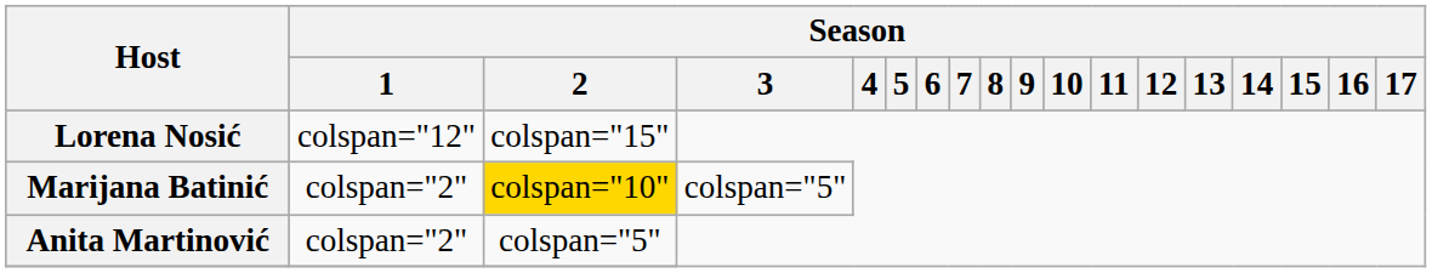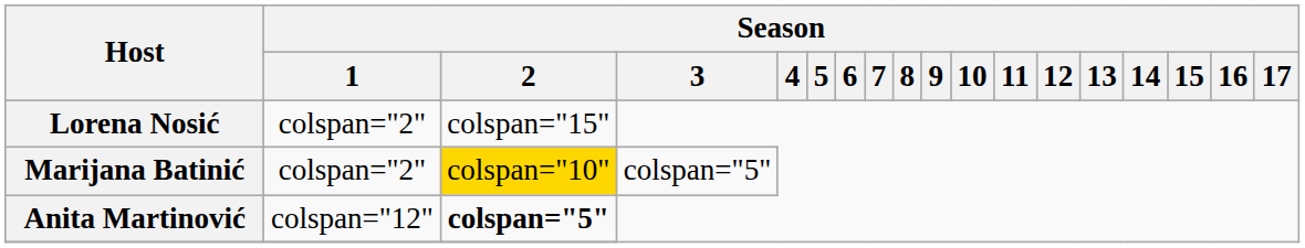 <table class="wikitable plainrowheaders" style="text-align:center">
 <tr>
 <th rowspan="2" style="width:20%;" scope="col">Host</th>
 <th colspan="17">Season</th>
 </tr>
 <tr>
 <th style="width:%;" scope="colspan">1</th>
 <th style="width:%;" scope="colspan">2</th>
 <th style="width:%;" scope="colspan">3</th>
 <th style="width:%;" scope="colspan">4</th>
 <th style="width:%;" scope="colspan">5</th>
 <th style="width:%;" scope="colspan">6</th>
 <th style="width:%;" scope="colspan">7</th>
 <th style="width:%;" scope="colspan">8</th>
 <th style="width:%;" scope="colspan">9</th>
 <th style="width:%;" scope="colspan">10</th>
 <th style="width:%;" scope="colspan">11</th>
 <th style="width:%;" scope="colspan">12</th>
 <th style="width:%;" scope="colspan">13</th>
 <th style="width:%;" scope="colspan">14</th>
 <th style="width:%;" scope="colspan">15</th>
 <th style="width:%;" scope="colspan">16</th>
 <th style="width:%;" scope="colspan">17</th>
 </tr>
 <tr>
 <th scope="row" style="text-align: center;">Lorena Nosić</th>
-<td>colspan="12" </td>
+<td>colspan="2" </td>
 <td>colspan="15" </td>
 </tr>
 <tr>
 <th scope="row" style="text-align: center;">Marijana Batinić</th>
 <td>colspan="2" </td>
 <td style="background: gold;">colspan="10" </td>
 <td>colspan="5" </td>
 </tr>
 <tr>
 <th scope="row" style="text-align: center;">Anita Martinović</th>
-<td>colspan="2" </td>
-<td>colspan="5" </td>
+<td>colspan="12" </td>
+<td><strong>colspan="5" </strong></td>
 </tr>
 <tr>
 </tr>
 </table>
